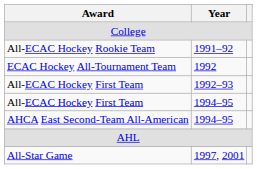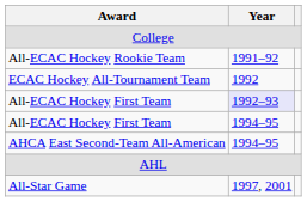 <table class="wikitable">
 <tr>
 <th>Award</th>
 <th>Year</th>
 <th></th>
 </tr>
 <tr ALIGN="center" bgcolor="#e0e0e0">
 <td colspan="3"><a href='#'>College</a></td>
 </tr>
 <tr>
 <td>All-<a href='#'>ECAC Hockey</a> <a href='#'>Rookie Team</a></td>
 <td><a href='#'>1991–92</a></td>
 <td></td>
 </tr>
 <tr>
 <td><a href='#'>ECAC Hockey</a> <a href='#'>All-Tournament Team</a></td>
 <td><a href='#'>1992</a></td>
 <td></td>
 </tr>
 <tr>
 <td>All-<a href='#'>ECAC Hockey</a> <a href='#'>First Team</a></td>
-<td><a href='#'>1992–93</a></td>
+<td style="background: lavender;"><a href='#'>1992–93</a></td>
 <td></td>
 </tr>
 <tr>
 <td>All-<a href='#'>ECAC Hockey</a> <a href='#'>First Team</a></td>
 <td><a href='#'>1994–95</a></td>
 <td></td>
 </tr>
 <tr>
 <td><a href='#'>AHCA</a> <a href='#'>East Second-Team All-American</a></td>
 <td><a href='#'>1994–95</a></td>
 <td></td>
 </tr>
 <tr ALIGN="center" bgcolor="#e0e0e0">
 <td colspan="3"><a href='#'>AHL</a></td>
 </tr>
 <tr>
 <td><a href='#'>All-Star Game</a></td>
 <td><a href='#'>1997</a>, <a href='#'>2001</a></td>
 <td></td>
 </tr>
 </table>
